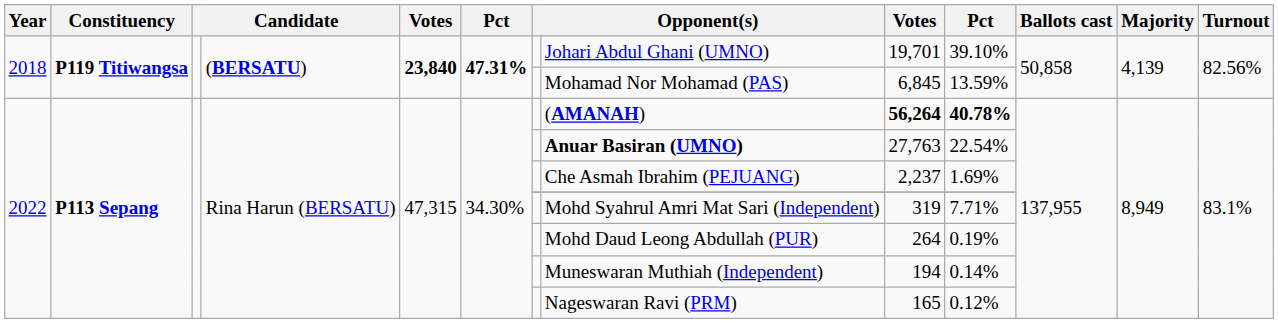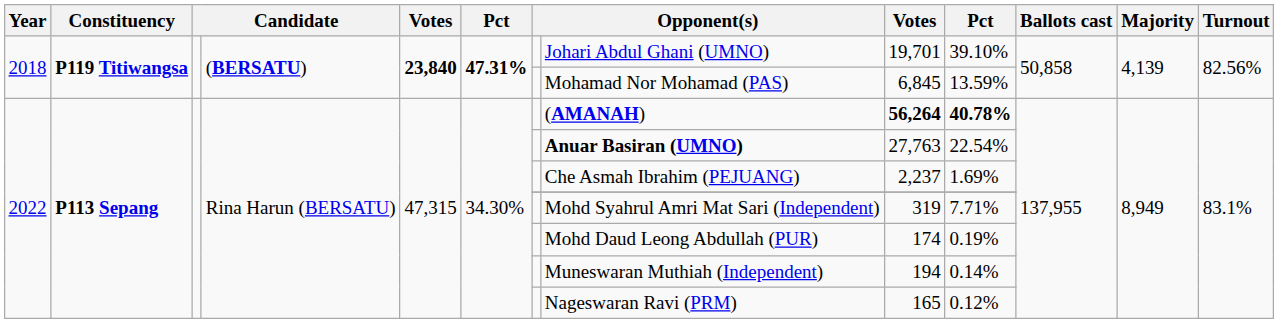 <table class="wikitable" style="margin:0.5em ; font-size:95%">
 <tr>
 <th>Year</th>
 <th>Constituency</th>
 <th colspan="2">Candidate</th>
 <th>Votes</th>
 <th>Pct</th>
 <th colspan="2">Opponent(s)</th>
 <th>Votes</th>
 <th>Pct</th>
 <th>Ballots cast</th>
 <th>Majority</th>
 <th>Turnout</th>
 </tr>
 <tr>
 <td rowspan="2"><a href='#'>2018</a></td>
 <td rowspan="2"><strong>P119 <a href='#'>Titiwangsa</a></strong></td>
 <td rowspan="2" ></td>
 <td rowspan="2"> (<a href='#'><strong>BERSATU</strong></a>)</td>
 <td rowspan="2" align="right"><strong>23,840</strong></td>
 <td rowspan="2"><strong>47.31%</strong></td>
 <td></td>
 <td><a href='#'>Johari Abdul Ghani</a> (<a href='#'>UMNO</a>)</td>
 <td align="right">19,701</td>
 <td>39.10%</td>
 <td rowspan="2">50,858</td>
 <td rowspan="2">4,139</td>
 <td rowspan="2">82.56%</td>
 </tr>
 <tr>
 <td></td>
 <td>Mohamad Nor Mohamad (<a href='#'>PAS</a>)</td>
 <td align="right">6,845</td>
 <td>13.59%</td>
 </tr>
 <tr>
 <td rowspan="8"><a href='#'>2022</a></td>
 <td rowspan="8"><strong>P113 <a href='#'>Sepang</a></strong></td>
 <td rowspan="8" bgcolor=></td>
 <td rowspan="8">Rina Harun (<a href='#'>BERSATU</a>)</td>
 <td rowspan="8">47,315</td>
 <td rowspan="8">34.30%</td>
 <td></td>
 <td> (<strong><a href='#'>AMANAH</a></strong>)</td>
 <td align="right"><strong>56,264</strong></td>
 <td><strong>40.78%</strong></td>
 <td rowspan="8">137,955</td>
 <td rowspan="8">8,949</td>
 <td rowspan="8">83.1%</td>
 </tr>
 <tr>
 <td></td>
 <td><strong>Anuar Basiran (<a href='#'>UMNO</a>)</strong></td>
 <td align="right">27,763</td>
 <td>22.54%</td>
 </tr>
 <tr>
 <td bgcolor=></td>
 <td>Che Asmah Ibrahim (<a href='#'>PEJUANG</a>)</td>
 <td align="right">2,237</td>
 <td>1.69%</td>
 </tr>
 <tr>
 </tr>
 <tr>
 <td></td>
 <td>Mohd Syahrul Amri Mat Sari (<a href='#'>Independent</a>)</td>
 <td align="right">319</td>
 <td>7.71%</td>
 </tr>
 <tr>
 <td></td>
 <td>Mohd Daud Leong Abdullah (<a href='#'>PUR</a>)</td>
-<td align="right">264</td>
+<td align="right">174</td>
 <td>0.19%</td>
 </tr>
 <tr>
 <td></td>
 <td>Muneswaran Muthiah (<a href='#'>Independent</a>)</td>
 <td align="right">194</td>
 <td>0.14%</td>
 </tr>
 <tr>
 <td bgcolor=></td>
 <td>Nageswaran Ravi (<a href='#'>PRM</a>)</td>
 <td align="right">165</td>
 <td>0.12%</td>
 </tr>
 </table>
